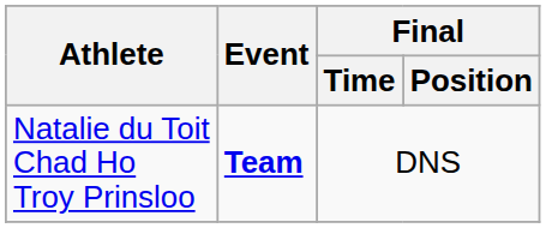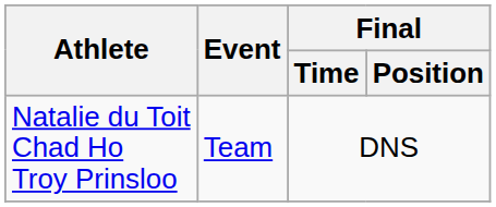 <table class="wikitable" border="1" style="font-size:90%">
 <tr>
 <th rowspan=2>Athlete</th>
 <th rowspan=2>Event</th>
 <th colspan=2>Final</th>
 </tr>
 <tr>
 <th>Time</th>
 <th>Position</th>
 </tr>
 <tr>
 <td rowspan=1><a href='#'>Natalie du Toit</a><br><a href='#'>Chad Ho</a><br><a href='#'>Troy Prinsloo</a></td>
-<td><strong><a href='#'>Team</a></strong></td>
+<td><a href='#'>Team</a></td>
 <td align=center colspan=2>DNS</td>
 </tr>
 </table>
